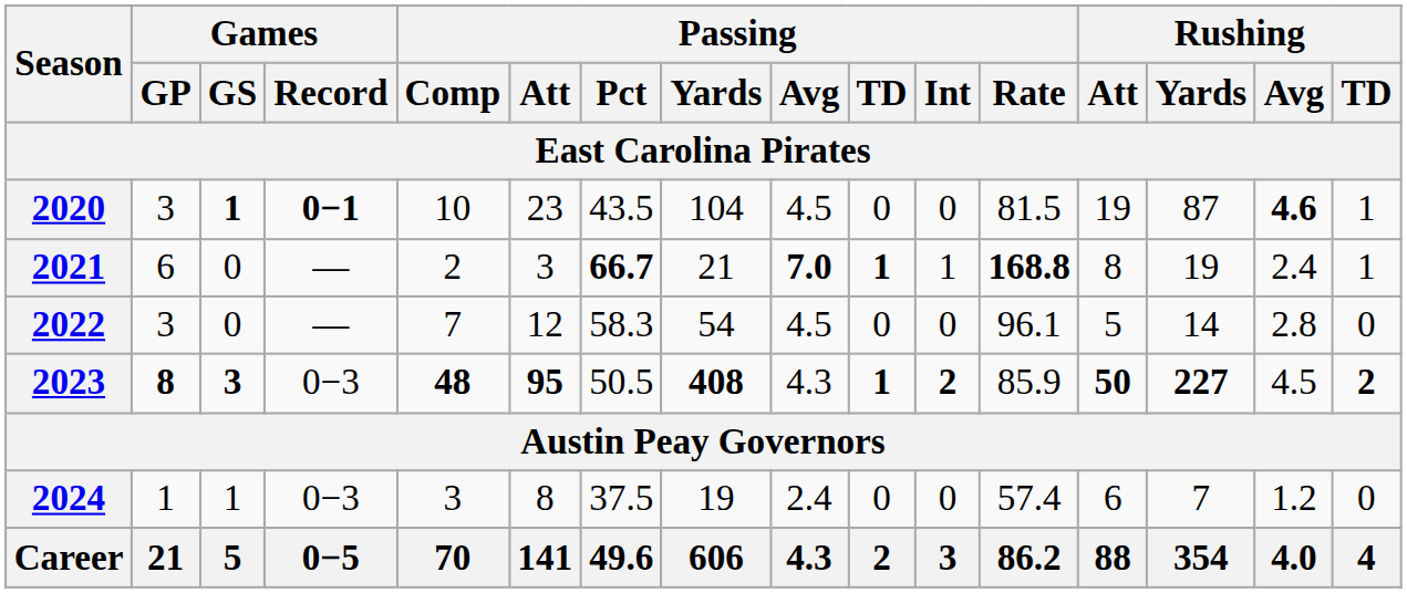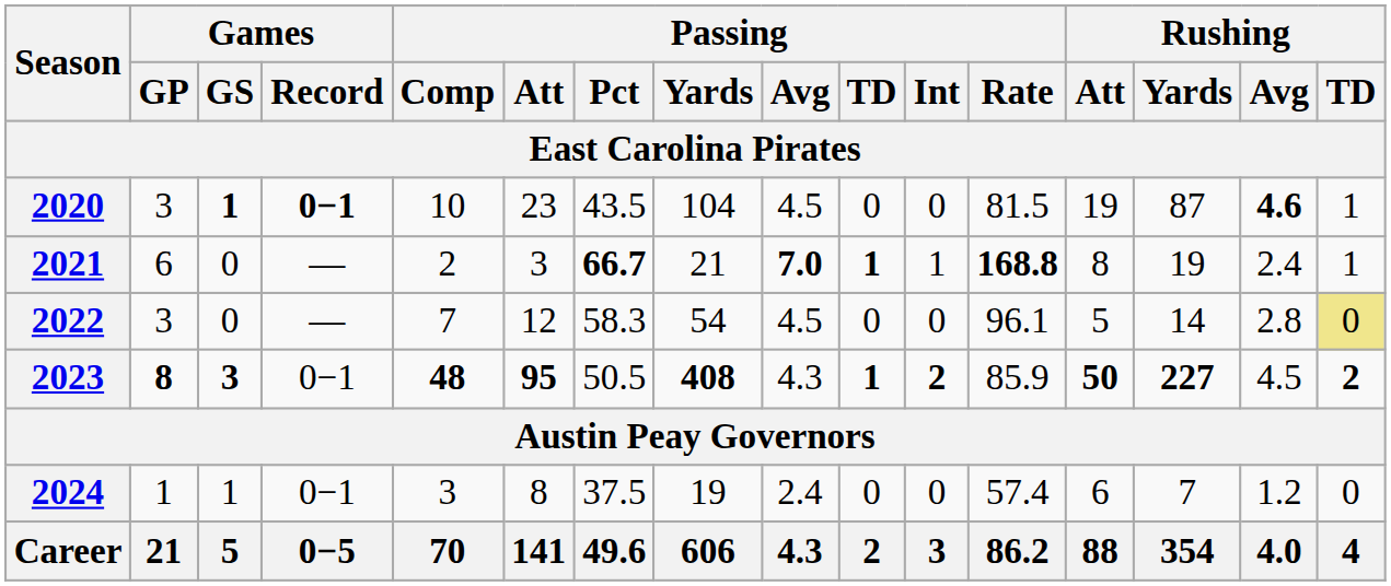 <table class=wikitable style="text-align:center;">
 <tr>
 <th rowspan="2">Season</th>
 <th colspan="3">Games</th>
 <th colspan="8">Passing</th>
 <th colspan="5">Rushing</th>
 </tr>
 <tr>
 <th>GP</th>
 <th>GS</th>
 <th>Record</th>
 <th>Comp</th>
 <th>Att</th>
 <th>Pct</th>
 <th>Yards</th>
 <th>Avg</th>
 <th>TD</th>
 <th>Int</th>
 <th>Rate</th>
 <th>Att</th>
 <th>Yards</th>
 <th>Avg</th>
 <th>TD</th>
 </tr>
 <tr>
 <th colspan="16">East Carolina Pirates</th>
 </tr>
 <tr>
 <th><a href='#'>2020</a></th>
 <td>3</td>
 <td><strong>1</strong></td>
 <td><strong>0−1</strong></td>
 <td>10</td>
 <td>23</td>
 <td>43.5</td>
 <td>104</td>
 <td>4.5</td>
 <td>0</td>
 <td>0</td>
 <td>81.5</td>
 <td>19</td>
 <td>87</td>
 <td><strong>4.6</strong></td>
 <td>1</td>
 </tr>
 <tr>
 <th><a href='#'>2021</a></th>
 <td>6</td>
 <td>0</td>
 <td>—</td>
 <td>2</td>
 <td>3</td>
 <td><strong>66.7</strong></td>
 <td>21</td>
 <td><strong>7.0</strong></td>
 <td><strong>1</strong></td>
 <td>1</td>
 <td><strong>168.8</strong></td>
 <td>8</td>
 <td>19</td>
 <td>2.4</td>
 <td>1</td>
 </tr>
 <tr>
 <th><a href='#'>2022</a></th>
 <td>3</td>
 <td>0</td>
 <td>—</td>
 <td>7</td>
 <td>12</td>
 <td>58.3</td>
 <td>54</td>
 <td>4.5</td>
 <td>0</td>
 <td>0</td>
 <td>96.1</td>
 <td>5</td>
 <td>14</td>
 <td>2.8</td>
-<td>0</td>
+<td style="background: khaki;">0</td>
 </tr>
 <tr>
 <th><a href='#'>2023</a></th>
 <td><strong>8</strong></td>
 <td><strong>3</strong></td>
-<td>0−3</td>
+<td>0−1</td>
 <td><strong>48</strong></td>
 <td><strong>95</strong></td>
 <td>50.5</td>
 <td><strong>408</strong></td>
 <td>4.3</td>
 <td><strong>1</strong></td>
 <td><strong>2</strong></td>
 <td>85.9</td>
 <td><strong>50</strong></td>
 <td><strong>227</strong></td>
 <td>4.5</td>
 <td><strong>2</strong></td>
 </tr>
 <tr>
 <th colspan="16">Austin Peay Governors</th>
 </tr>
 <tr>
 <th><a href='#'>2024</a></th>
 <td>1</td>
 <td>1</td>
-<td>0−3</td>
+<td>0−1</td>
 <td>3</td>
 <td>8</td>
 <td>37.5</td>
 <td>19</td>
 <td>2.4</td>
 <td>0</td>
 <td>0</td>
 <td>57.4</td>
 <td>6</td>
 <td>7</td>
 <td>1.2</td>
 <td>0</td>
 </tr>
 <tr>
 <th>Career</th>
 <th>21</th>
 <th>5</th>
 <th>0−5</th>
 <th>70</th>
 <th>141</th>
 <th>49.6</th>
 <th>606</th>
 <th>4.3</th>
 <th>2</th>
 <th>3</th>
 <th>86.2</th>
 <th>88</th>
 <th>354</th>
 <th>4.0</th>
 <th>4</th>
 </tr>
 </table>
